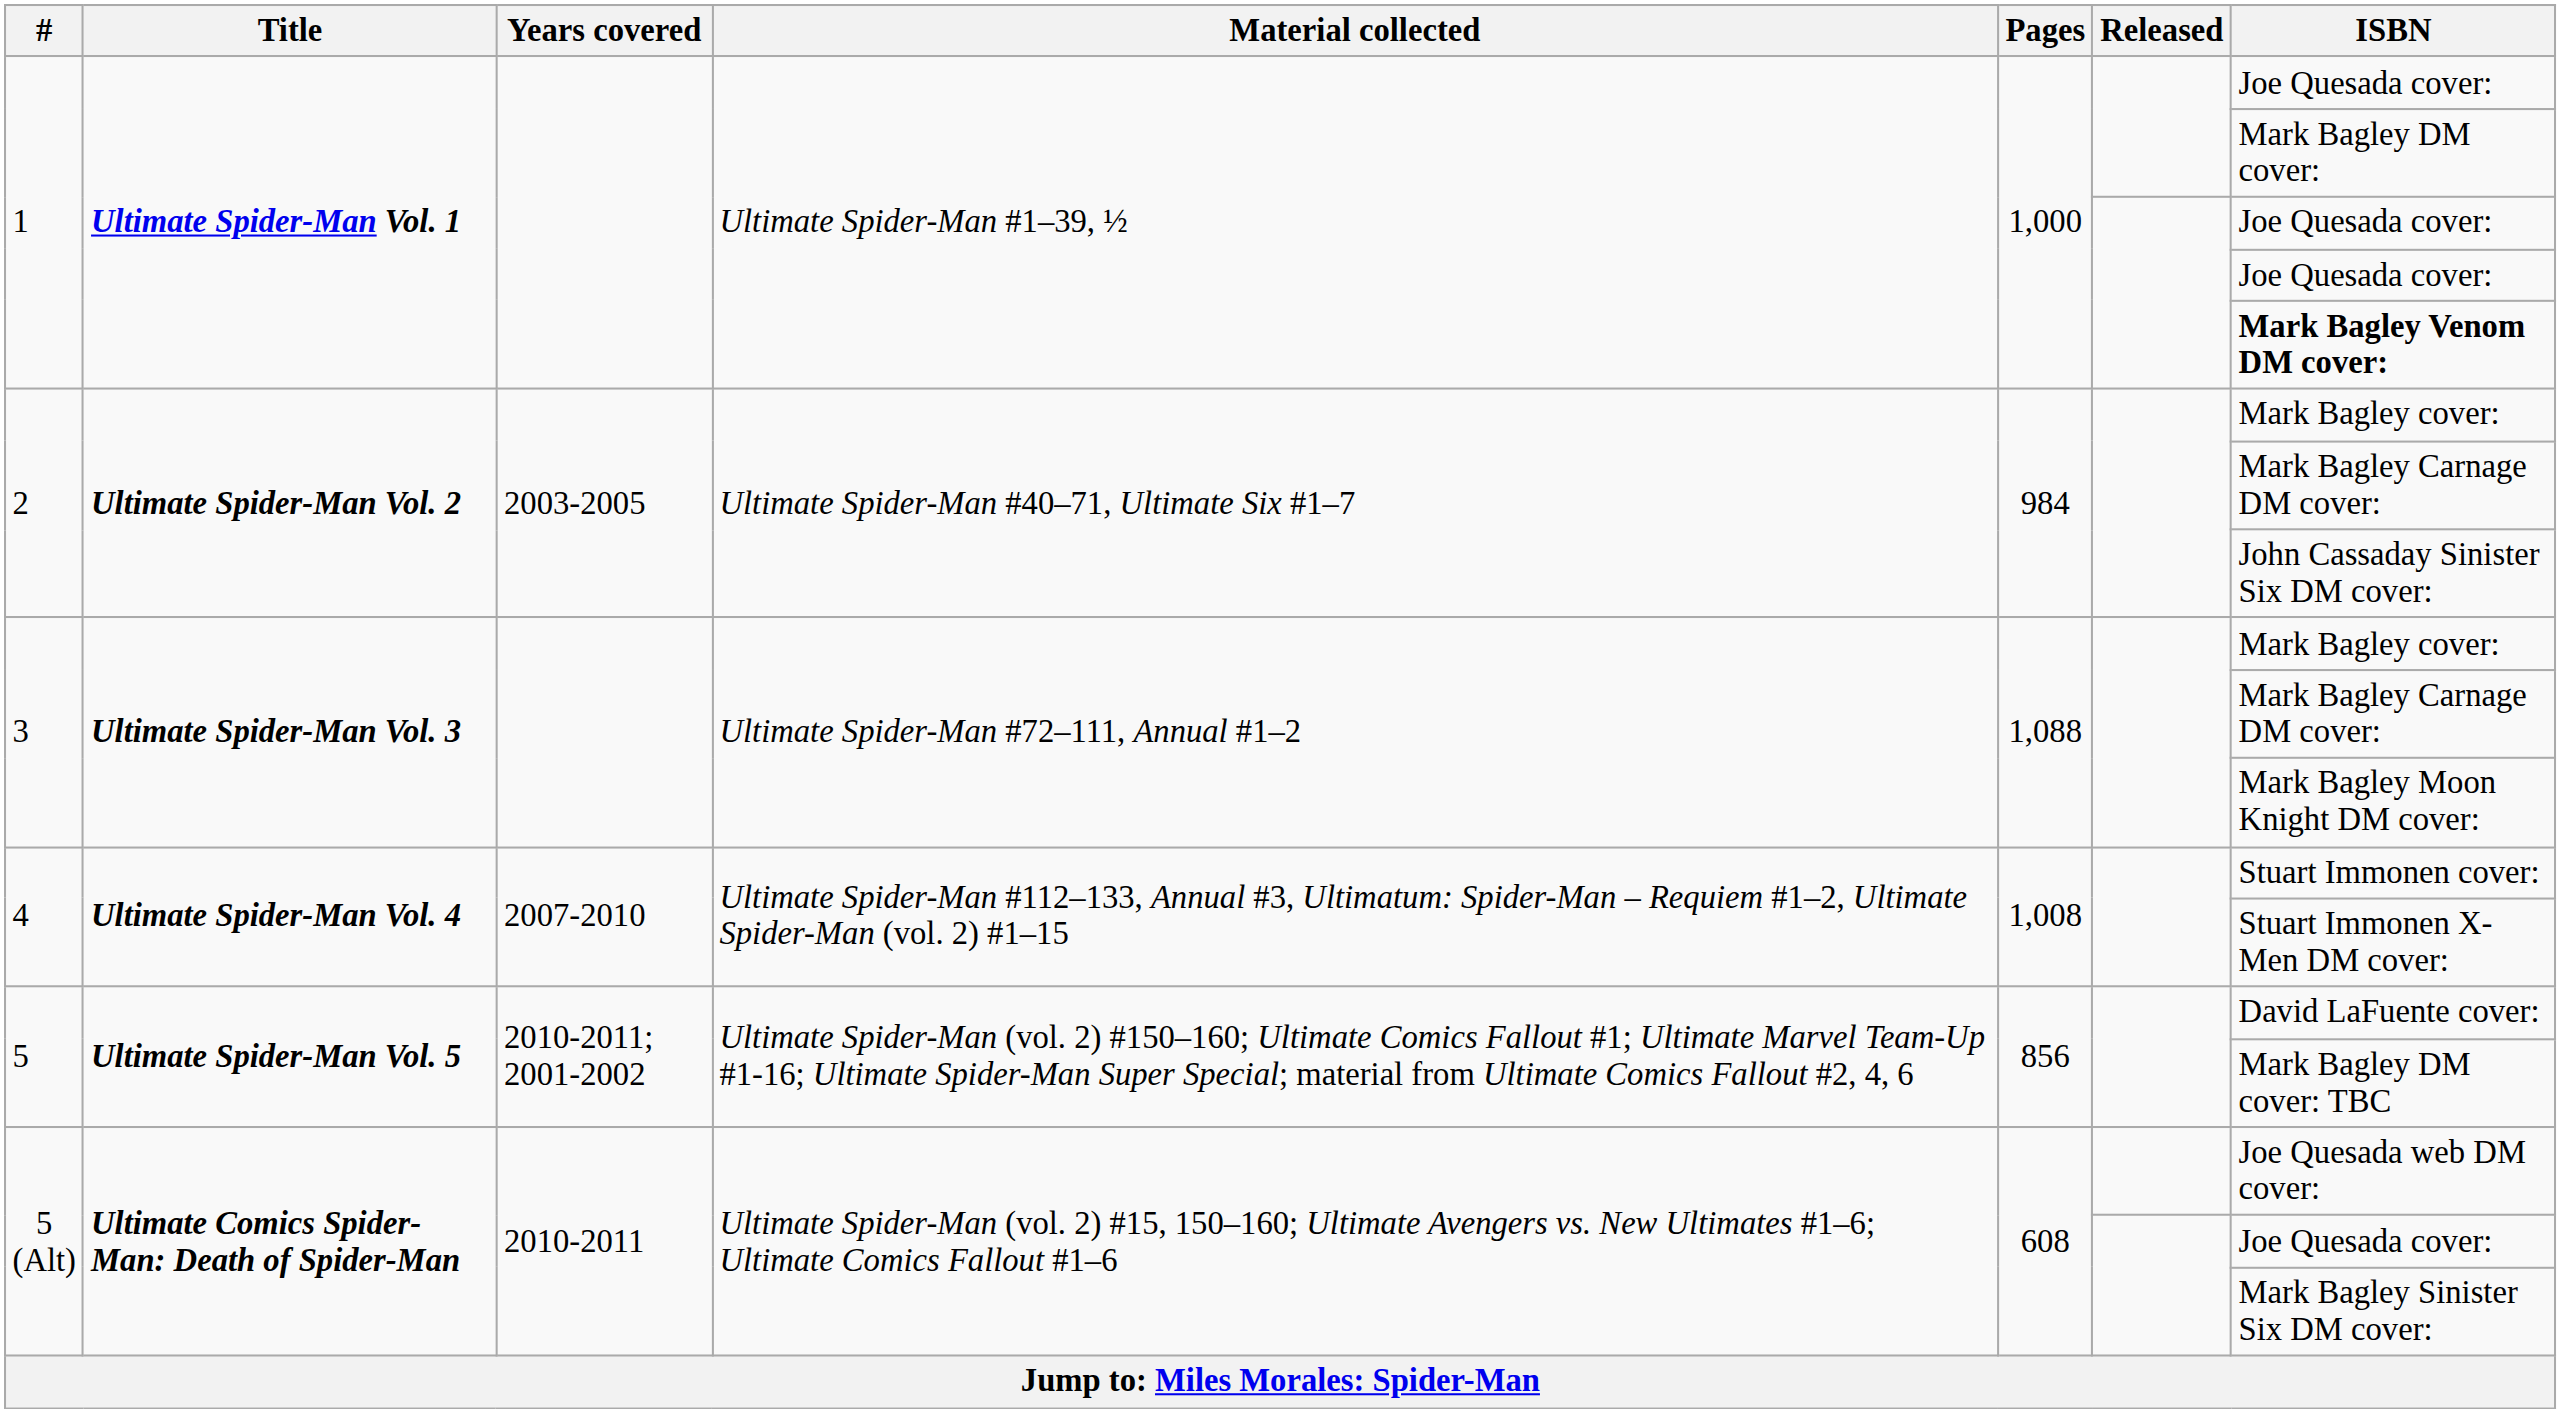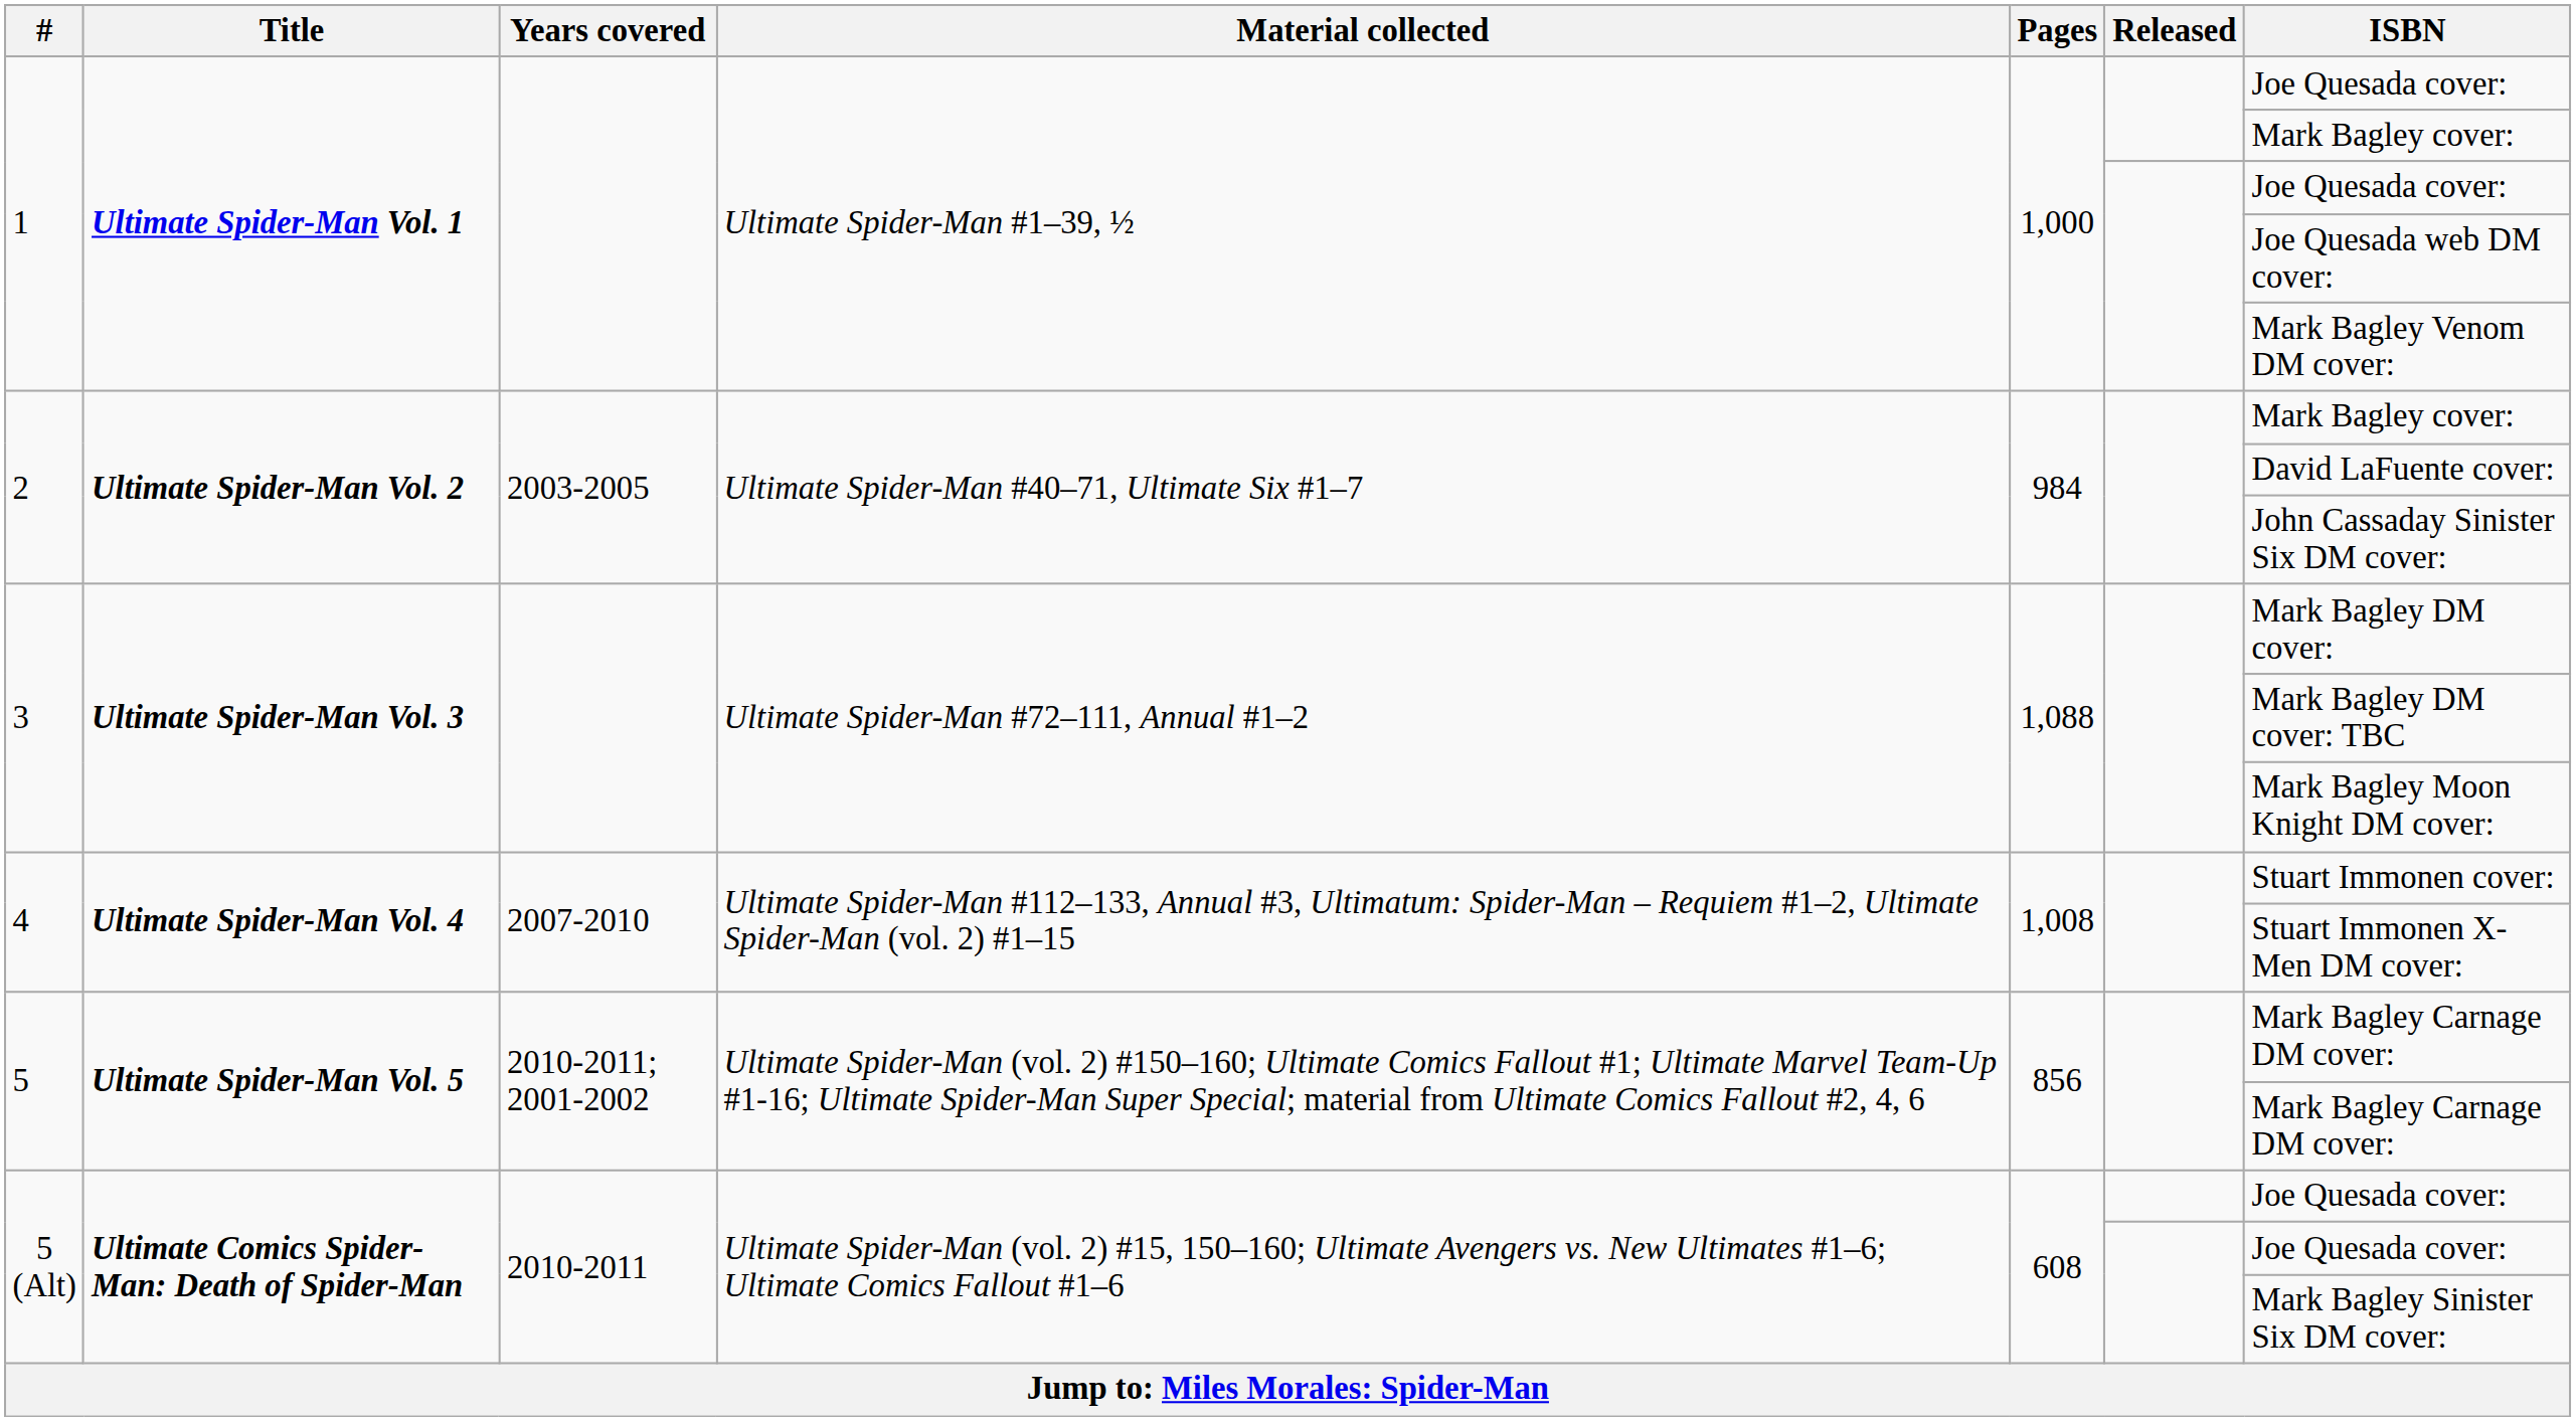 <table class="wikitable sortable" width=99%>
 <tr>
 <th class="unsortable" width=20px>#</th>
 <th>Title</th>
 <th>Years covered</th>
 <th class="unsortable">Material collected</th>
 <th>Pages</th>
 <th>Released</th>
 <th class="unsortable">ISBN</th>
 </tr>
 <tr>
 <td rowspan=5>1</td>
 <td rowspan=5><strong><em><a href='#'>Ultimate Spider-Man</a> Vol. 1</em></strong></td>
 <td rowspan=5></td>
 <td rowspan=5><em>Ultimate Spider-Man</em> #1–39, ½</td>
 <td style="text-align: center;" rowspan=5>1,000</td>
 <td rowspan=2></td>
 <td>Joe Quesada cover: </td>
 </tr>
 <tr>
-<td>Mark Bagley DM cover: </td>
+<td>Mark Bagley cover: </td>
 </tr>
 <tr>
 <td rowspan=3></td>
 <td>Joe Quesada cover: </td>
 </tr>
 <tr>
-<td>Joe Quesada cover: </td>
+<td>Joe Quesada web DM cover: </td>
 </tr>
 <tr>
-<td><strong>Mark Bagley Venom DM cover: </strong></td>
+<td>Mark Bagley Venom DM cover: </td>
 </tr>
 <tr>
 <td rowspan=3>2</td>
 <td rowspan=3><strong><em>Ultimate Spider-Man Vol. 2</em></strong></td>
 <td rowspan=3>2003-2005</td>
 <td rowspan=3><em>Ultimate Spider-Man</em> #40–71, <em>Ultimate Six</em> #1–7</td>
 <td style="text-align: center;" rowspan=3>984</td>
 <td rowspan=3></td>
 <td>Mark Bagley cover: </td>
 </tr>
 <tr>
-<td>Mark Bagley Carnage DM cover: </td>
+<td>David LaFuente cover: </td>
 </tr>
 <tr>
 <td>John Cassaday Sinister Six DM cover: </td>
 </tr>
 <tr>
 <td rowspan=3>3</td>
 <td rowspan=3><strong><em>Ultimate Spider-Man Vol. 3</em></strong></td>
 <td rowspan=3></td>
 <td rowspan=3><em>Ultimate Spider-Man</em> #72–111, <em>Annual</em> #1–2</td>
 <td style="text-align: center;" rowspan=3>1,088</td>
 <td rowspan=3></td>
-<td>Mark Bagley cover: </td>
+<td>Mark Bagley DM cover: </td>
 </tr>
 <tr>
-<td>Mark Bagley Carnage DM cover: </td>
+<td>Mark Bagley DM cover: TBC</td>
 </tr>
 <tr>
 <td>Mark Bagley Moon Knight DM cover: </td>
 </tr>
 <tr>
 <td rowspan=2>4</td>
 <td rowspan=2><strong><em>Ultimate Spider-Man Vol. 4</em></strong></td>
 <td rowspan=2>2007-2010</td>
 <td rowspan=2><em>Ultimate Spider-Man</em> #112–133, <em>Annual</em> #3, <em>Ultimatum: Spider-Man – Requiem</em> #1–2, <em>Ultimate Spider-Man</em> (vol. 2) #1–15</td>
 <td style="text-align: center;" rowspan=2>1,008</td>
 <td rowspan=2></td>
 <td>Stuart Immonen cover: </td>
 </tr>
 <tr>
 <td>Stuart Immonen X-Men DM cover: </td>
 </tr>
 <tr>
 <td rowspan=2>5</td>
 <td rowspan=2><strong><em>Ultimate Spider-Man Vol. 5</em></strong></td>
 <td rowspan=2>2010-2011; 2001-2002</td>
 <td rowspan=2><em>Ultimate Spider-Man</em> (vol. 2) #150–160; <em>Ultimate Comics Fallout</em> #1; <em>Ultimate Marvel Team-Up</em> #1-16; <em>Ultimate Spider-Man Super Special</em>; material from <em>Ultimate Comics Fallout</em> #2, 4, 6</td>
 <td style="text-align: center;" rowspan=2>856</td>
 <td rowspan=2></td>
-<td>David LaFuente cover: </td>
+<td>Mark Bagley Carnage DM cover: </td>
 </tr>
 <tr>
-<td>Mark Bagley DM cover: TBC</td>
+<td>Mark Bagley Carnage DM cover: </td>
 </tr>
 <tr>
 <td rowspan=3 style="text-align: center;">5 (Alt)</td>
 <td rowspan=3><strong><em>Ultimate Comics Spider-Man: Death of Spider-Man</em></strong></td>
 <td rowspan=3>2010-2011</td>
 <td rowspan=3><em>Ultimate Spider-Man</em> (vol. 2) #15, 150–160; <em>Ultimate Avengers vs. New Ultimates</em> #1–6; <em>Ultimate Comics Fallout</em> #1–6</td>
 <td style="text-align: center;" rowspan=3>608</td>
 <td></td>
-<td>Joe Quesada web DM cover: </td>
+<td>Joe Quesada cover: </td>
 </tr>
 <tr>
 <td rowspan=2></td>
 <td>Joe Quesada cover: </td>
 </tr>
 <tr>
 <td>Mark Bagley Sinister Six DM cover: </td>
 </tr>
 <tr>
 <th colspan="7">Jump to: <a href='#'>Miles Morales: Spider-Man</a></th>
 </tr>
 </table>
